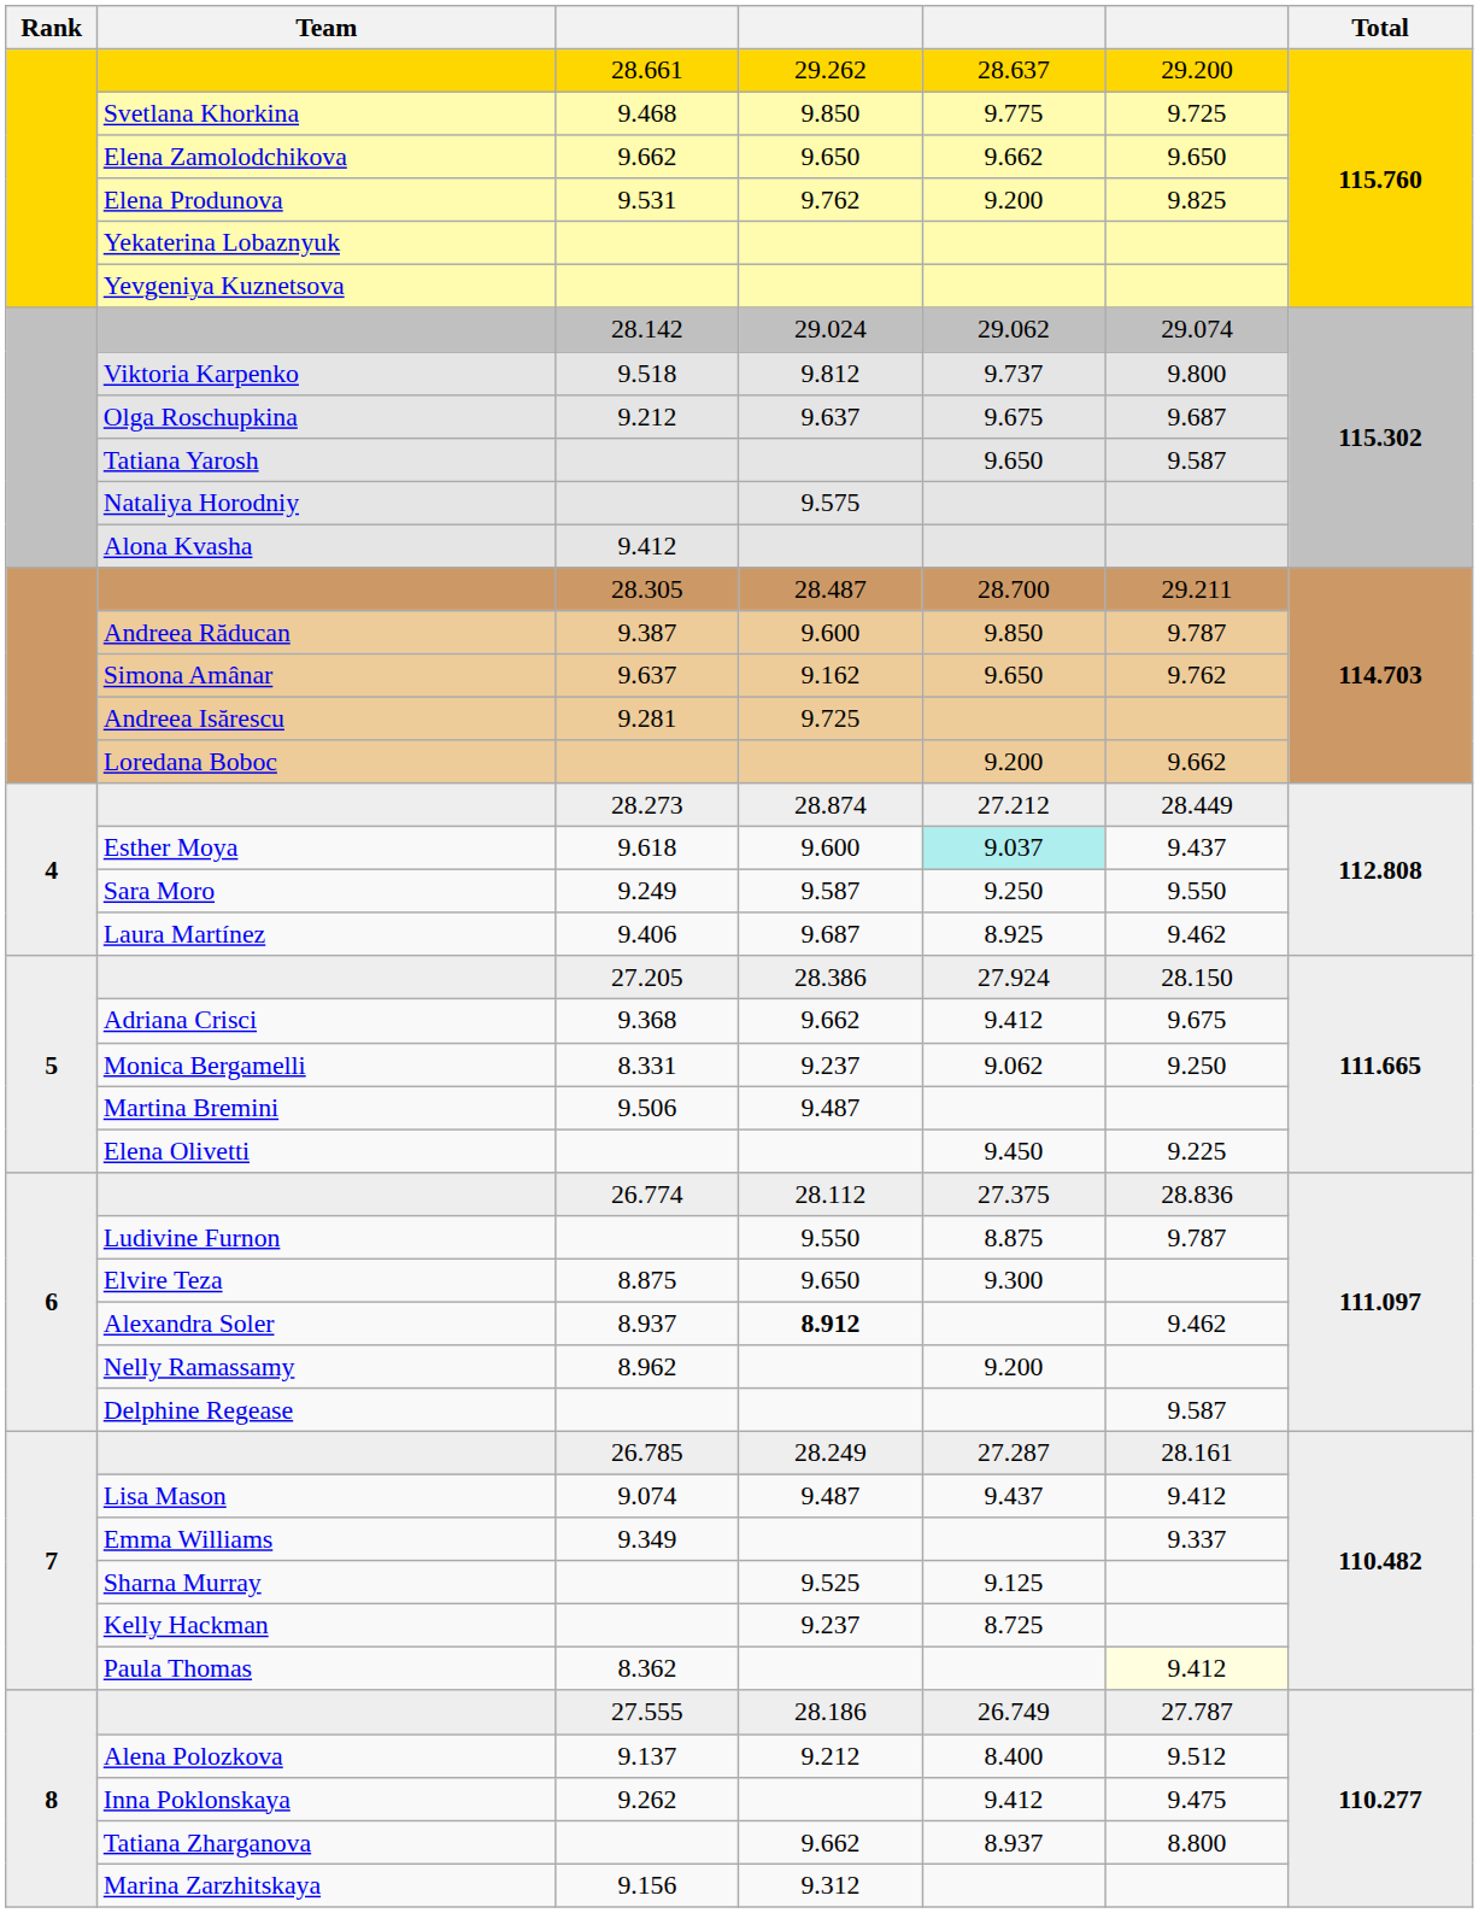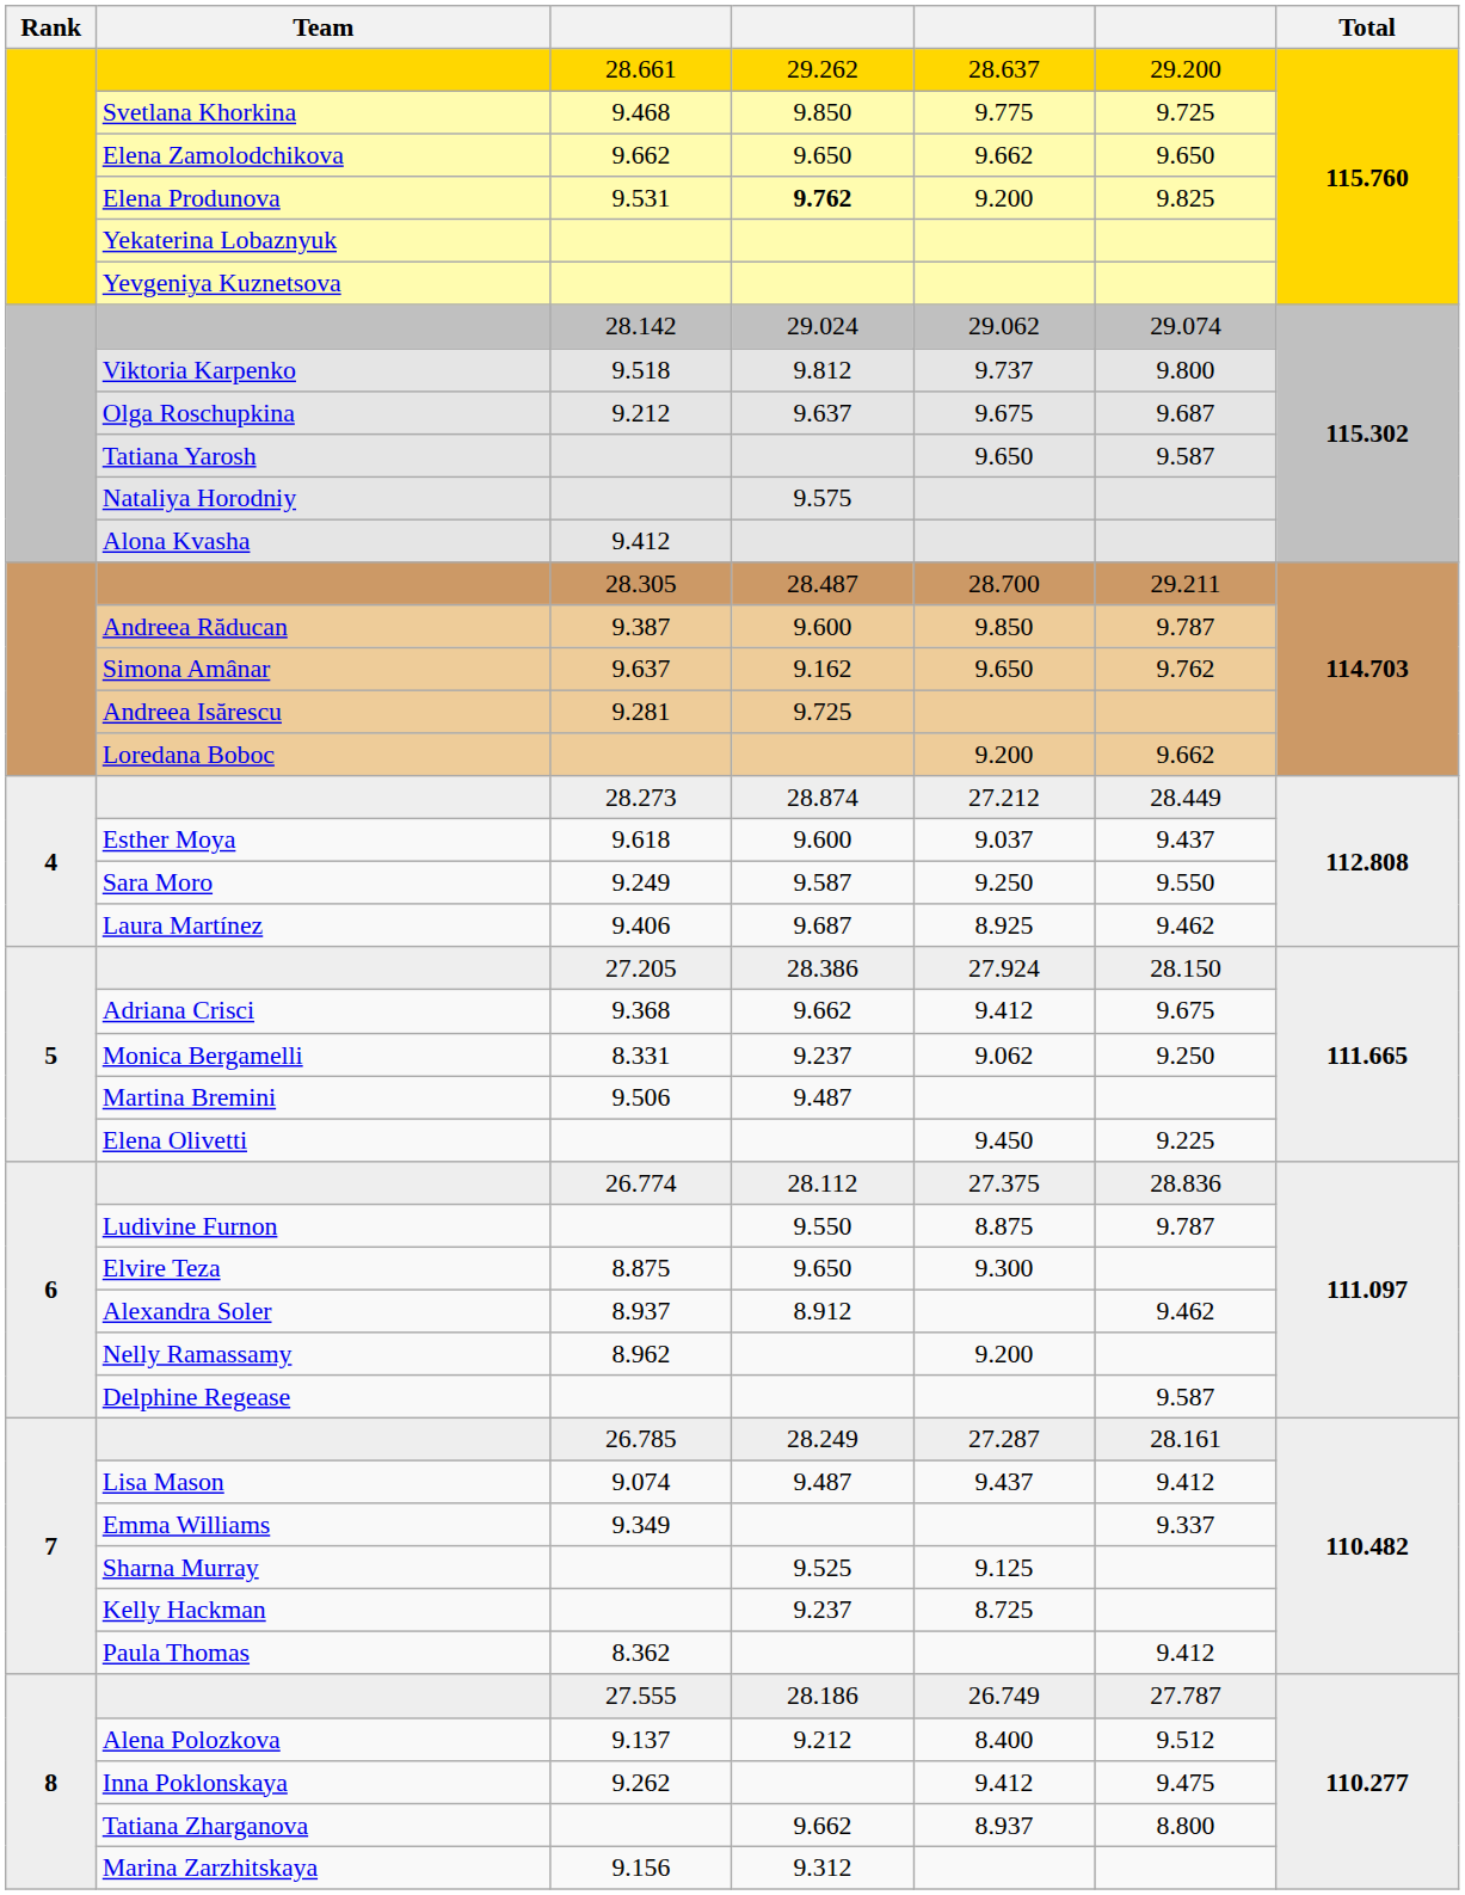 <table class="wikitable" style="text-align:center; font-size:95%">
 <tr>
 <th width="5%">Rank</th>
 <th width="25%">Team</th>
 <th width="10%"></th>
 <th width="10%"></th>
 <th width="10%"></th>
 <th width="10%"></th>
 <th width="10%">Total</th>
 </tr>
 <tr bgcolor=gold>
 <td rowspan=6></td>
 <td align="left"><strong></strong></td>
 <td>28.661</td>
 <td>29.262</td>
 <td>28.637</td>
 <td>29.200</td>
 <td rowspan=6><strong>115.760</strong></td>
 </tr>
 <tr bgcolor=fffcaf>
 <td align="left"><a href='#'>Svetlana Khorkina</a></td>
 <td>9.468</td>
 <td>9.850</td>
 <td>9.775</td>
 <td>9.725</td>
 </tr>
 <tr bgcolor=fffcaf>
 <td align="left"><a href='#'>Elena Zamolodchikova</a></td>
 <td>9.662</td>
 <td>9.650</td>
 <td>9.662</td>
 <td>9.650</td>
 </tr>
 <tr bgcolor=fffcaf>
 <td align="left"><a href='#'>Elena Produnova</a></td>
 <td>9.531</td>
-<td>9.762</td>
+<td><strong>9.762</strong></td>
 <td>9.200</td>
 <td>9.825</td>
 </tr>
 <tr bgcolor=fffcaf>
 <td align="left"><a href='#'>Yekaterina Lobaznyuk</a></td>
 <td></td>
 <td></td>
 <td></td>
 <td></td>
 </tr>
 <tr bgcolor=fffcaf>
 <td align="left"><a href='#'>Yevgeniya Kuznetsova</a></td>
 <td></td>
 <td></td>
 <td></td>
 <td></td>
 </tr>
 <tr bgcolor=silver>
 <td rowspan=6></td>
 <td align="left"><strong></strong></td>
 <td>28.142</td>
 <td>29.024</td>
 <td>29.062</td>
 <td>29.074</td>
 <td rowspan=6><strong>115.302</strong></td>
 </tr>
 <tr bgcolor=e5e5e5>
 <td align="left"><a href='#'>Viktoria Karpenko</a></td>
 <td>9.518</td>
 <td>9.812</td>
 <td>9.737</td>
 <td>9.800</td>
 </tr>
 <tr bgcolor=e5e5e5>
 <td align="left"><a href='#'>Olga Roschupkina</a></td>
 <td>9.212</td>
 <td>9.637</td>
 <td>9.675</td>
 <td>9.687</td>
 </tr>
 <tr bgcolor=e5e5e5>
 <td align="left"><a href='#'>Tatiana Yarosh</a></td>
 <td></td>
 <td></td>
 <td>9.650</td>
 <td>9.587</td>
 </tr>
 <tr bgcolor=e5e5e5>
 <td align="left"><a href='#'>Nataliya Horodniy</a></td>
 <td></td>
 <td>9.575</td>
 <td></td>
 <td></td>
 </tr>
 <tr bgcolor=e5e5e5>
 <td align="left"><a href='#'>Alona Kvasha</a></td>
 <td>9.412</td>
 <td></td>
 <td></td>
 <td></td>
 </tr>
 <tr bgcolor=cc9966>
 <td rowspan=5></td>
 <td align="left"><strong></strong></td>
 <td>28.305</td>
 <td>28.487</td>
 <td>28.700</td>
 <td>29.211</td>
 <td rowspan=5><strong>114.703</strong></td>
 </tr>
 <tr bgcolor=eecc99>
 <td align="left"><a href='#'>Andreea Răducan</a></td>
 <td>9.387</td>
 <td>9.600</td>
 <td>9.850</td>
 <td>9.787</td>
 </tr>
 <tr bgcolor=eecc99>
 <td align="left"><a href='#'>Simona Amânar</a></td>
 <td>9.637</td>
 <td>9.162</td>
 <td>9.650</td>
 <td>9.762</td>
 </tr>
 <tr bgcolor=eecc99>
 <td align="left"><a href='#'>Andreea Isărescu</a></td>
 <td>9.281</td>
 <td>9.725</td>
 <td></td>
 <td></td>
 </tr>
 <tr bgcolor=eecc99>
 <td align="left"><a href='#'>Loredana Boboc</a></td>
 <td></td>
 <td></td>
 <td>9.200</td>
 <td>9.662</td>
 </tr>
 <tr bgcolor=eeeeee>
 <td rowspan=4><strong>4</strong></td>
 <td align="left"><strong></strong></td>
 <td>28.273</td>
 <td>28.874</td>
 <td>27.212</td>
 <td>28.449</td>
 <td rowspan=4><strong>112.808</strong></td>
 </tr>
 <tr>
 <td align="left"><a href='#'>Esther Moya</a></td>
 <td>9.618</td>
 <td>9.600</td>
-<td style="background: paleturquoise;">9.037</td>
+<td>9.037</td>
 <td>9.437</td>
 </tr>
 <tr>
 <td align="left"><a href='#'>Sara Moro</a></td>
 <td>9.249</td>
 <td>9.587</td>
 <td>9.250</td>
 <td>9.550</td>
 </tr>
 <tr>
 <td align="left"><a href='#'>Laura Martínez</a></td>
 <td>9.406</td>
 <td>9.687</td>
 <td>8.925</td>
 <td>9.462</td>
 </tr>
 <tr bgcolor=eeeeee>
 <td rowspan=5><strong>5</strong></td>
 <td align="left"><strong></strong></td>
 <td>27.205</td>
 <td>28.386</td>
 <td>27.924</td>
 <td>28.150</td>
 <td rowspan=5><strong>111.665</strong></td>
 </tr>
 <tr>
 <td align="left"><a href='#'>Adriana Crisci</a></td>
 <td>9.368</td>
 <td>9.662</td>
 <td>9.412</td>
 <td>9.675</td>
 </tr>
 <tr>
 <td align="left"><a href='#'>Monica Bergamelli</a></td>
 <td>8.331</td>
 <td>9.237</td>
 <td>9.062</td>
 <td>9.250</td>
 </tr>
 <tr>
 <td align="left"><a href='#'>Martina Bremini</a></td>
 <td>9.506</td>
 <td>9.487</td>
 <td></td>
 <td></td>
 </tr>
 <tr>
 <td align="left"><a href='#'>Elena Olivetti</a></td>
 <td></td>
 <td></td>
 <td>9.450</td>
 <td>9.225</td>
 </tr>
 <tr bgcolor=eeeeee>
 <td rowspan=6><strong>6</strong></td>
 <td align="left"><strong></strong></td>
 <td>26.774</td>
 <td>28.112</td>
 <td>27.375</td>
 <td>28.836</td>
 <td rowspan=6><strong>111.097</strong></td>
 </tr>
 <tr>
 <td align="left"><a href='#'>Ludivine Furnon</a></td>
 <td></td>
 <td>9.550</td>
 <td>8.875</td>
 <td>9.787</td>
 </tr>
 <tr>
 <td align="left"><a href='#'>Elvire Teza</a></td>
 <td>8.875</td>
 <td>9.650</td>
 <td>9.300</td>
 <td></td>
 </tr>
 <tr>
 <td align="left"><a href='#'>Alexandra Soler</a></td>
 <td>8.937</td>
-<td><strong>8.912</strong></td>
+<td>8.912</td>
 <td></td>
 <td>9.462</td>
 </tr>
 <tr>
 <td align="left"><a href='#'>Nelly Ramassamy</a></td>
 <td>8.962</td>
 <td></td>
 <td>9.200</td>
 <td></td>
 </tr>
 <tr>
 <td align="left"><a href='#'>Delphine Regease</a></td>
 <td></td>
 <td></td>
 <td></td>
 <td>9.587</td>
 </tr>
 <tr bgcolor=eeeeee>
 <td rowspan=6><strong>7</strong></td>
 <td align="left"><strong></strong></td>
 <td>26.785</td>
 <td>28.249</td>
 <td>27.287</td>
 <td>28.161</td>
 <td rowspan=6><strong>110.482</strong></td>
 </tr>
 <tr>
 <td align="left"><a href='#'>Lisa Mason</a></td>
 <td>9.074</td>
 <td>9.487</td>
 <td>9.437</td>
 <td>9.412</td>
 </tr>
 <tr>
 <td align="left"><a href='#'>Emma Williams</a></td>
 <td>9.349</td>
 <td></td>
 <td></td>
 <td>9.337</td>
 </tr>
 <tr>
 <td align="left"><a href='#'>Sharna Murray</a></td>
 <td></td>
 <td>9.525</td>
 <td>9.125</td>
 <td></td>
 </tr>
 <tr>
 <td align="left"><a href='#'>Kelly Hackman</a></td>
 <td></td>
 <td>9.237</td>
 <td>8.725</td>
 <td></td>
 </tr>
 <tr>
 <td align="left"><a href='#'>Paula Thomas</a></td>
 <td>8.362</td>
 <td></td>
 <td></td>
-<td style="background: lightyellow;">9.412</td>
+<td>9.412</td>
 </tr>
 <tr bgcolor=eeeeee>
 <td rowspan=5><strong>8</strong></td>
 <td align="left"><strong></strong></td>
 <td>27.555</td>
 <td>28.186</td>
 <td>26.749</td>
 <td>27.787</td>
 <td rowspan=5><strong>110.277</strong></td>
 </tr>
 <tr>
 <td align="left"><a href='#'>Alena Polozkova</a></td>
 <td>9.137</td>
 <td>9.212</td>
 <td>8.400</td>
 <td>9.512</td>
 </tr>
 <tr>
 <td align="left"><a href='#'>Inna Poklonskaya</a></td>
 <td>9.262</td>
 <td></td>
 <td>9.412</td>
 <td>9.475</td>
 </tr>
 <tr>
 <td align="left"><a href='#'>Tatiana Zharganova</a></td>
 <td></td>
 <td>9.662</td>
 <td>8.937</td>
 <td>8.800</td>
 </tr>
 <tr>
 <td align="left"><a href='#'>Marina Zarzhitskaya</a></td>
 <td>9.156</td>
 <td>9.312</td>
 <td></td>
 <td></td>
 </tr>
 </table>
